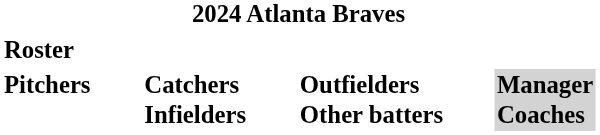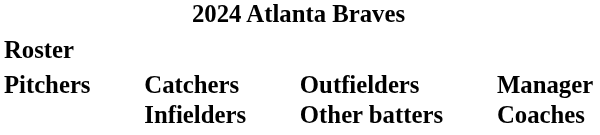 <table class="toccolours" style="font-size: 95%;">
 <tr>
 <th colspan="10">2024 Atlanta Braves</th>
 </tr>
 <tr>
 <td colspan="10"><strong>Roster</strong></td>
 </tr>
 <tr>
 <td valign="top"><strong>Pitchers</strong><br>                           </td>
 <td style="width:25px;"></td>
 <td valign="top"><strong>Catchers</strong><br>   <strong>Infielders</strong>            </td>
 <td style="width:25px;"></td>
 <td valign="top"><strong>Outfielders</strong><br>           <strong>Other batters</strong> </td>
 <td width="25px"></td>
-<td valign="top" style="background: lightgrey;"><strong>Manager</strong><br> <strong>Coaches</strong>                          </td>
+<td valign="top"><strong>Manager</strong><br> <strong>Coaches</strong>                          </td>
 </tr>
 </table>
